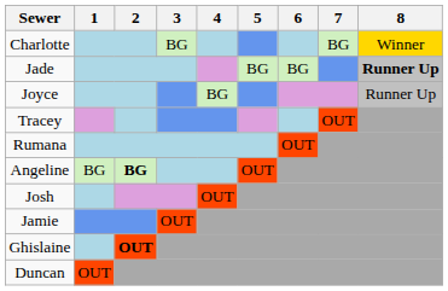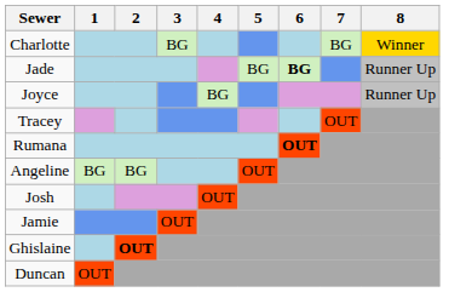 <table class="wikitable" style="text-align:center">
 <tr>
 <th>Sewer</th>
 <th>1</th>
 <th>2</th>
 <th>3</th>
 <th>4</th>
 <th>5</th>
 <th>6</th>
 <th>7</th>
 <th>8</th>
 </tr>
 <tr>
 <td>Charlotte</td>
 <td colspan=2 style="background:lightblue;"></td>
 <td style="background:#d0f0c0;">BG</td>
 <td style="background:lightblue;"></td>
 <td style="background:cornflowerblue;"></td>
 <td style="background:lightblue;"></td>
 <td style="background:#d0f0c0;">BG</td>
 <td style="background:Gold;">Winner</td>
 </tr>
 <tr>
 <td>Jade</td>
 <td colspan=3 style="background:lightblue;"></td>
 <td style="background:plum;"></td>
 <td style="background:#d0f0c0;">BG</td>
-<td style="background:#d0f0c0;">BG</td>
+<td style="background:#d0f0c0;"><strong>BG</strong></td>
 <td style="background:cornflowerblue;"></td>
-<td style="background:Silver;"><strong>Runner Up</strong></td>
+<td style="background:Silver;">Runner Up</td>
 </tr>
 <tr>
 <td>Joyce</td>
 <td colspan=2 style="background:lightblue;"></td>
 <td style="background:cornflowerblue;"></td>
 <td style="background:#d0f0c0;">BG</td>
 <td style="background:cornflowerblue;"></td>
 <td colspan=2 style="background:plum;"></td>
 <td style="background:Silver;">Runner Up</td>
 </tr>
 <tr>
 <td>Tracey</td>
 <td style="background:plum;"></td>
 <td style="background:lightblue;"></td>
 <td colspan=2 style="background:cornflowerblue;"></td>
 <td style="background:plum;"></td>
 <td style="background:lightblue;"></td>
 <td style="background:orangered;">OUT</td>
 <td colspan=1 style="background:darkgrey;"></td>
 </tr>
 <tr>
 <td>Rumana</td>
 <td colspan=5 style="background:lightblue;"></td>
-<td style="background:orangered;">OUT</td>
+<td style="background:orangered;"><strong>OUT</strong></td>
 <td colspan=2 style="background:darkgrey;"></td>
 </tr>
 <tr>
 <td>Angeline</td>
 <td style="background:#d0f0c0;">BG</td>
-<td style="background:#d0f0c0;"><strong>BG</strong></td>
+<td style="background:#d0f0c0;">BG</td>
 <td colspan=2 style="background:lightblue;"></td>
 <td style="background:orangered;">OUT</td>
 <td colspan=3 style="background:darkgrey;"></td>
 </tr>
 <tr>
 <td>Josh</td>
 <td style="background:lightblue;"></td>
 <td colspan=2 style="background:plum;"></td>
 <td style="background:orangered;">OUT</td>
 <td colspan=4 style="background:darkgrey;"></td>
 </tr>
 <tr>
 <td>Jamie</td>
 <td colspan=2 style="background:cornflowerblue;"></td>
 <td style="background:orangered;">OUT</td>
 <td colspan=5 style="background:darkgrey;"></td>
 </tr>
 <tr>
 <td>Ghislaine</td>
 <td style="background:lightblue;"></td>
 <td style="background:orangered;"><strong>OUT</strong></td>
 <td colspan=6 style="background:darkgrey;"></td>
 </tr>
 <tr>
 <td>Duncan</td>
 <td style="background:orangered;">OUT</td>
 <td colspan=7 style="background:darkgrey;"></td>
 </tr>
 </table>
